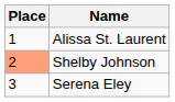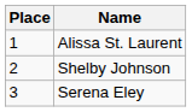 <table class="wikitable">
 <tr>
 <th>Place</th>
 <th>Name</th>
 </tr>
 <tr>
 <td>1</td>
 <td> Alissa St. Laurent</td>
 </tr>
 <tr>
-<td style="background: lightsalmon;">2</td>
+<td>2</td>
 <td> Shelby Johnson</td>
 </tr>
 <tr>
 <td>3</td>
 <td> Serena Eley</td>
 </tr>
 </table>
